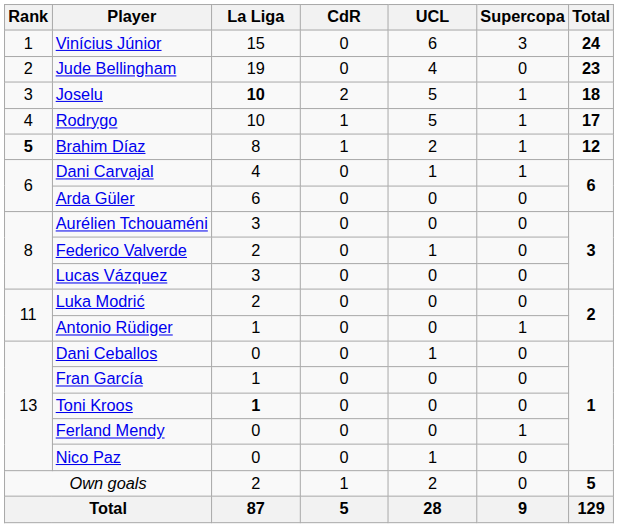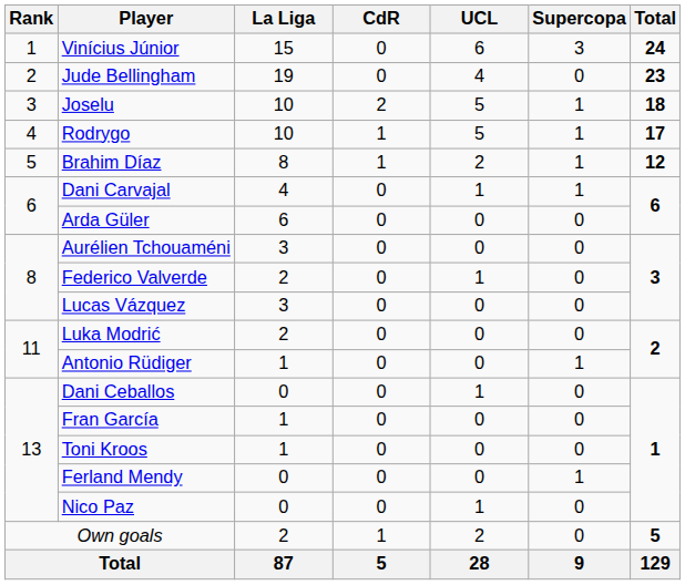 <table class="wikitable" style="text-align:center;">
 <tr>
 <th>Rank</th>
 <th>Player</th>
 <th width=14.5%>La Liga</th>
 <th width=14.5%><abbr>CdR</abbr></th>
 <th width=14.5%><abbr>UCL</abbr></th>
 <th>Supercopa</th>
 <th>Total</th>
 </tr>
 <tr>
 <td>1</td>
 <td align=left> <a href='#'>Vinícius Júnior</a></td>
 <td>15</td>
 <td>0</td>
 <td>6</td>
 <td>3</td>
 <td><strong>24</strong></td>
 </tr>
 <tr>
 <td>2</td>
 <td align=left> <a href='#'>Jude Bellingham</a></td>
 <td>19</td>
 <td>0</td>
 <td>4</td>
 <td>0</td>
 <td><strong>23</strong></td>
 </tr>
 <tr>
 <td>3</td>
 <td align=left> <a href='#'>Joselu</a></td>
-<td><strong>10</strong></td>
+<td>10</td>
 <td>2</td>
 <td>5</td>
 <td>1</td>
 <td><strong>18</strong></td>
 </tr>
 <tr>
 <td>4</td>
 <td align=left> <a href='#'>Rodrygo</a></td>
 <td>10</td>
 <td>1</td>
 <td>5</td>
 <td>1</td>
 <td><strong>17</strong></td>
 </tr>
 <tr>
-<td><strong>5</strong></td>
+<td>5</td>
 <td align=left> <a href='#'>Brahim Díaz</a></td>
 <td>8</td>
 <td>1</td>
 <td>2</td>
 <td>1</td>
 <td><strong>12</strong></td>
 </tr>
 <tr>
 <td rowspan=2>6</td>
 <td align=left> <a href='#'>Dani Carvajal</a></td>
 <td>4</td>
 <td>0</td>
 <td>1</td>
 <td>1</td>
 <td rowspan=2><strong>6</strong></td>
 </tr>
 <tr>
 <td align=left> <a href='#'>Arda Güler</a></td>
 <td>6</td>
 <td>0</td>
 <td>0</td>
 <td>0</td>
 </tr>
 <tr>
 <td rowspan=3>8</td>
 <td align=left> <a href='#'>Aurélien Tchouaméni</a></td>
 <td>3</td>
 <td>0</td>
 <td>0</td>
 <td>0</td>
 <td rowspan=3><strong>3</strong></td>
 </tr>
 <tr>
 <td align=left> <a href='#'>Federico Valverde</a></td>
 <td>2</td>
 <td>0</td>
 <td>1</td>
 <td>0</td>
 </tr>
 <tr>
 <td align=left> <a href='#'>Lucas Vázquez</a></td>
 <td>3</td>
 <td>0</td>
 <td>0</td>
 <td>0</td>
 </tr>
 <tr>
 <td rowspan=2>11</td>
 <td align=left> <a href='#'>Luka Modrić</a></td>
 <td>2</td>
 <td>0</td>
 <td>0</td>
 <td>0</td>
 <td rowspan=2><strong>2</strong></td>
 </tr>
 <tr>
 <td align=left> <a href='#'>Antonio Rüdiger</a></td>
 <td>1</td>
 <td>0</td>
 <td>0</td>
 <td>1</td>
 </tr>
 <tr>
 <td rowspan=5>13</td>
 <td align=left> <a href='#'>Dani Ceballos</a></td>
 <td>0</td>
 <td>0</td>
 <td>1</td>
 <td>0</td>
 <td rowspan=5><strong>1</strong></td>
 </tr>
 <tr>
 <td align=left> <a href='#'>Fran García</a></td>
 <td>1</td>
 <td>0</td>
 <td>0</td>
 <td>0</td>
 </tr>
 <tr>
 <td align=left> <a href='#'>Toni Kroos</a></td>
-<td><strong>1</strong></td>
+<td>1</td>
 <td>0</td>
 <td>0</td>
 <td>0</td>
 </tr>
 <tr>
 <td align=left> <a href='#'>Ferland Mendy</a></td>
 <td>0</td>
 <td>0</td>
 <td>0</td>
 <td>1</td>
 </tr>
 <tr>
 <td align=left> <a href='#'>Nico Paz</a></td>
 <td>0</td>
 <td>0</td>
 <td>1</td>
 <td>0</td>
 </tr>
 <tr>
 <td align=center colspan=2><em>Own goals</em></td>
 <td>2</td>
 <td>1</td>
 <td>2</td>
 <td>0</td>
 <td><strong>5</strong></td>
 </tr>
 <tr>
 <th colspan=2>Total</th>
 <th>87</th>
 <th>5</th>
 <th>28</th>
 <th>9</th>
 <th>129</th>
 </tr>
 </table>
